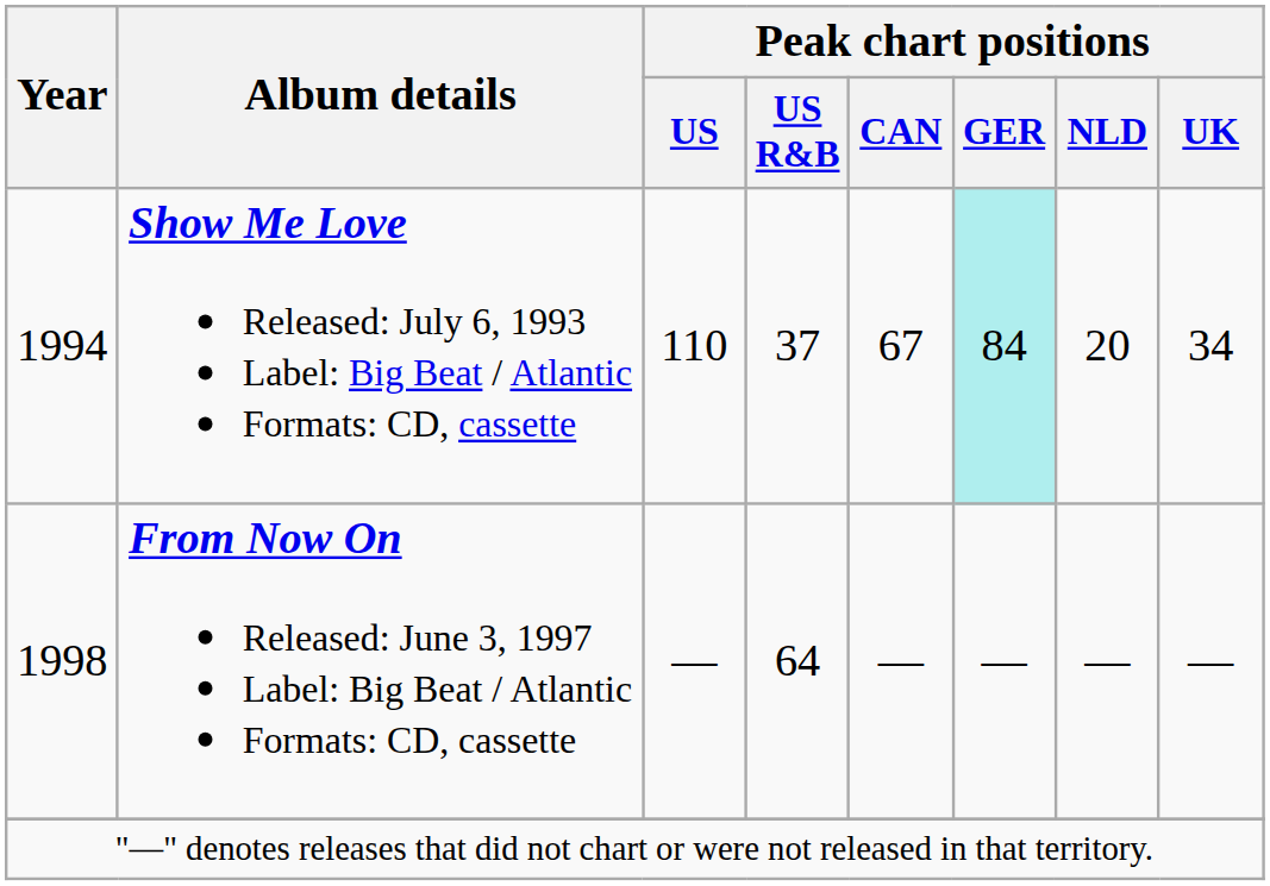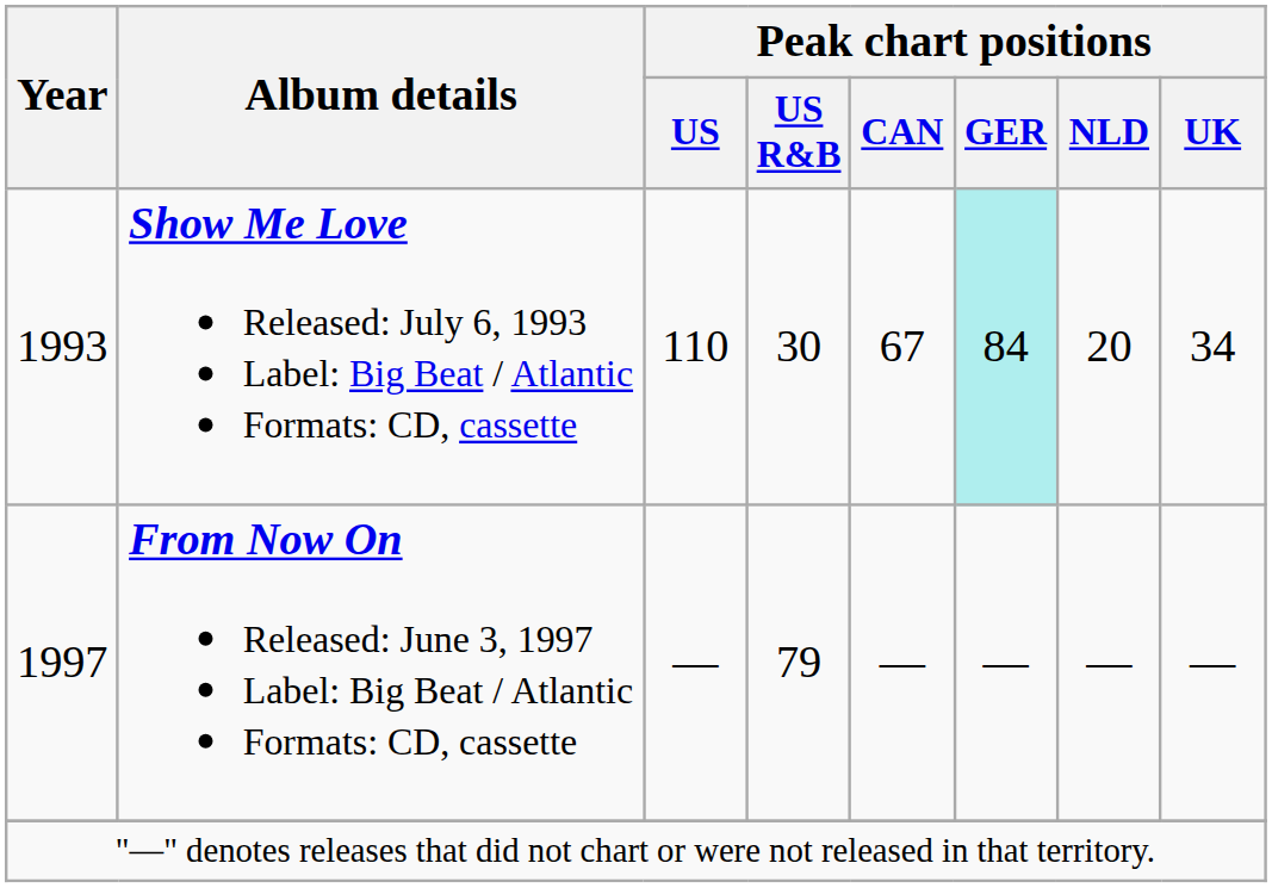 <table class="wikitable" style="text-align:center;">
 <tr>
 <th rowspan="2">Year</th>
 <th rowspan="2">Album details</th>
 <th colspan="6">Peak chart positions</th>
 </tr>
 <tr style="font-size:smaller;">
 <th width="30"><a href='#'>US</a><br></th>
 <th width="30"><a href='#'>US<br>R&B</a><br></th>
 <th width="30"><a href='#'>CAN</a><br></th>
 <th width="30"><a href='#'>GER</a><br></th>
 <th width="30"><a href='#'>NLD</a><br></th>
 <th width="30"><a href='#'>UK</a><br></th>
 </tr>
 <tr>
-<td rowspan="1">1994</td>
+<td rowspan="1">1993</td>
 <td align="left"><strong><em><a href='#'>Show Me Love</a></em></strong><br><ul><li><small>Released: July 6, 1993</small></li><li><small>Label: <a href='#'>Big Beat</a> / <a href='#'>Atlantic</a></small></li><li><small>Formats: CD, <a href='#'>cassette</a></small></li></ul></td>
 <td>110</td>
-<td>37</td>
+<td>30</td>
 <td>67</td>
 <td style="background: paleturquoise;">84</td>
 <td>20</td>
 <td>34</td>
 </tr>
 <tr>
-<td rowspan="1">1998</td>
+<td rowspan="1">1997</td>
 <td align="left"><strong><em><a href='#'>From Now On</a></em></strong><br><ul><li><small>Released: June 3, 1997</small></li><li><small>Label: Big Beat / Atlantic</small></li><li><small>Formats: CD, cassette</small></li></ul></td>
 <td>—</td>
-<td>64</td>
+<td>79</td>
 <td>—</td>
 <td>—</td>
 <td>—</td>
 <td>—</td>
 </tr>
 <tr>
 </tr>
 <tr>
 <td colspan="8" style="text-align:center; font-size:9pt;">"—" denotes releases that did not chart or were not released in that territory.</td>
 </tr>
 </table>
